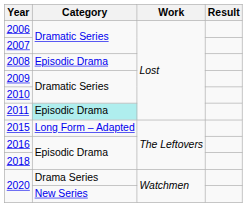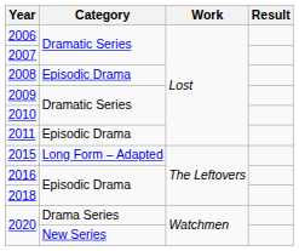 <table class="wikitable">
 <tr>
 <th>Year</th>
 <th>Category</th>
 <th>Work</th>
 <th>Result</th>
 </tr>
 <tr>
 <td><a href='#'>2006</a></td>
 <td rowspan="2"><a href='#'>Dramatic Series</a></td>
 <td rowspan="6"><em>Lost</em></td>
 <td></td>
 </tr>
 <tr>
 <td><a href='#'>2007</a></td>
 <td></td>
 </tr>
 <tr>
 <td><a href='#'>2008</a></td>
 <td><a href='#'>Episodic Drama</a></td>
 <td></td>
 </tr>
 <tr>
 <td><a href='#'>2009</a></td>
 <td rowspan="2">Dramatic Series</td>
 <td></td>
 </tr>
 <tr>
 <td><a href='#'>2010</a></td>
 <td></td>
 </tr>
 <tr>
 <td><a href='#'>2011</a></td>
-<td style="background: paleturquoise;">Episodic Drama</td>
+<td>Episodic Drama</td>
 <td></td>
 </tr>
 <tr>
 <td><a href='#'>2015</a></td>
 <td><a href='#'>Long Form – Adapted</a></td>
 <td rowspan="3"><em>The Leftovers</em></td>
 <td></td>
 </tr>
 <tr>
 <td><a href='#'>2016</a></td>
 <td rowspan="2">Episodic Drama</td>
 <td></td>
 </tr>
 <tr>
 <td><a href='#'>2018</a></td>
 <td></td>
 </tr>
 <tr>
 <td rowspan="2"><a href='#'>2020</a></td>
 <td>Drama Series</td>
 <td rowspan="2"><em>Watchmen</em></td>
 <td></td>
 </tr>
 <tr>
 <td><a href='#'>New Series</a></td>
 <td></td>
 </tr>
 </table>
